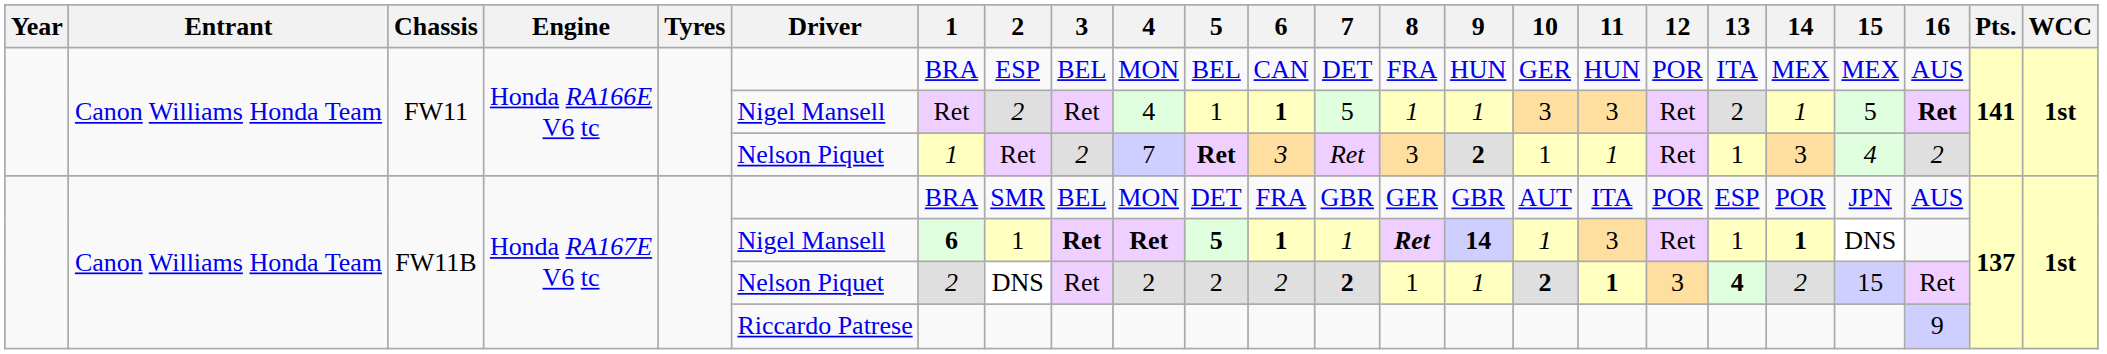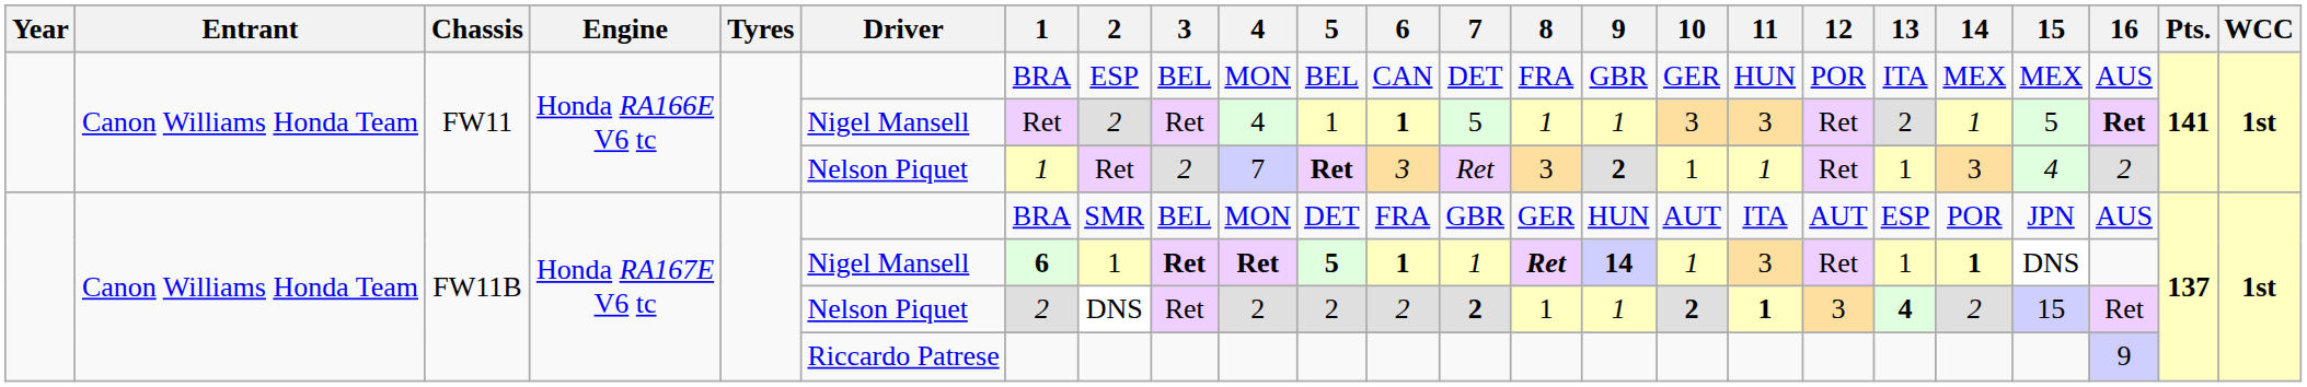 <table class="wikitable" style="text-align:center; font-size:95%">
 <tr>
 <th>Year</th>
 <th>Entrant</th>
 <th>Chassis</th>
 <th>Engine</th>
 <th>Tyres</th>
 <th>Driver</th>
 <th>1</th>
 <th>2</th>
 <th>3</th>
 <th>4</th>
 <th>5</th>
 <th>6</th>
 <th>7</th>
 <th>8</th>
 <th>9</th>
 <th>10</th>
 <th>11</th>
 <th>12</th>
 <th>13</th>
 <th>14</th>
 <th>15</th>
 <th>16</th>
 <th>Pts.</th>
 <th>WCC</th>
 </tr>
 <tr>
 <td rowspan="3"></td>
 <td rowspan="3"><a href='#'>Canon</a> <a href='#'>Williams</a> <a href='#'>Honda Team</a></td>
 <td rowspan="3">FW11</td>
 <td rowspan="3"><a href='#'>Honda</a> <em><a href='#'>RA166E</a></em><br><a href='#'>V6</a> <a href='#'>tc</a></td>
 <td rowspan="3"></td>
 <td></td>
 <td><a href='#'>BRA</a></td>
 <td><a href='#'>ESP</a></td>
 <td><a href='#'>BEL</a></td>
 <td><a href='#'>MON</a></td>
 <td><a href='#'>BEL</a></td>
 <td><a href='#'>CAN</a></td>
 <td><a href='#'>DET</a></td>
 <td><a href='#'>FRA</a></td>
-<td><a href='#'>HUN</a></td>
+<td><a href='#'>GBR</a></td>
 <td><a href='#'>GER</a></td>
 <td><a href='#'>HUN</a></td>
 <td><a href='#'>POR</a></td>
 <td><a href='#'>ITA</a></td>
 <td><a href='#'>MEX</a></td>
 <td><a href='#'>MEX</a></td>
 <td><a href='#'>AUS</a></td>
 <td rowspan="3" style="background:#ffffbf;"><strong>141</strong></td>
 <td rowspan="3" style="background:#ffffbf;"><strong>1st</strong></td>
 </tr>
 <tr>
 <td align="left"><a href='#'>Nigel Mansell</a></td>
 <td style="background:#efcfff;">Ret</td>
 <td style="background:#dfdfdf;"><em>2</em></td>
 <td style="background:#efcfff;">Ret</td>
 <td style="background:#dfffdf;">4</td>
 <td style="background:#ffffbf;">1</td>
 <td style="background:#ffffbf;"><strong>1</strong></td>
 <td style="background:#dfffdf;">5</td>
 <td style="background:#ffffbf;"><em>1</em></td>
 <td style="background:#ffffbf;"><em>1</em></td>
 <td style="background:#ffdf9f;">3</td>
 <td style="background:#ffdf9f;">3</td>
 <td style="background:#efcfff;">Ret</td>
 <td style="background:#dfdfdf;">2</td>
 <td style="background:#ffffbf;"><em>1</em></td>
 <td style="background:#dfffdf;">5</td>
 <td style="background:#efcfff;"><strong>Ret</strong></td>
 </tr>
 <tr>
 <td align="left"><a href='#'>Nelson Piquet</a></td>
 <td style="background:#ffffbf;"><em>1</em></td>
 <td style="background:#efcfff;">Ret</td>
 <td style="background:#dfdfdf;"><em>2</em></td>
 <td style="background:#cfcfff;">7</td>
 <td style="background:#efcfff;"><strong>Ret</strong></td>
 <td style="background:#ffdf9f;"><em>3</em></td>
 <td style="background:#efcfff;"><em>Ret</em></td>
 <td style="background:#ffdf9f;">3</td>
 <td style="background:#dfdfdf;"><strong>2</strong></td>
 <td style="background:#ffffbf;">1</td>
 <td style="background:#ffffbf;"><em>1</em></td>
 <td style="background:#efcfff;">Ret</td>
 <td style="background:#ffffbf;">1</td>
 <td style="background:#ffdf9f;">3</td>
 <td style="background:#dfffdf;"><em>4</em></td>
 <td style="background:#dfdfdf;"><em>2</em></td>
 </tr>
 <tr>
 <td rowspan="4"></td>
 <td rowspan="4"><a href='#'>Canon</a> <a href='#'>Williams</a> <a href='#'>Honda Team</a></td>
 <td rowspan="4">FW11B</td>
 <td rowspan="4"><a href='#'>Honda</a> <em><a href='#'>RA167E</a></em><br><a href='#'>V6</a> <a href='#'>tc</a></td>
 <td rowspan="4"></td>
 <td></td>
 <td><a href='#'>BRA</a></td>
 <td><a href='#'>SMR</a></td>
 <td><a href='#'>BEL</a></td>
 <td><a href='#'>MON</a></td>
 <td><a href='#'>DET</a></td>
 <td><a href='#'>FRA</a></td>
 <td><a href='#'>GBR</a></td>
 <td><a href='#'>GER</a></td>
-<td><a href='#'>GBR</a></td>
+<td><a href='#'>HUN</a></td>
 <td><a href='#'>AUT</a></td>
 <td><a href='#'>ITA</a></td>
-<td><a href='#'>POR</a></td>
+<td><a href='#'>AUT</a></td>
 <td><a href='#'>ESP</a></td>
 <td><a href='#'>POR</a></td>
 <td><a href='#'>JPN</a></td>
 <td><a href='#'>AUS</a></td>
 <td rowspan="4" style="background:#ffffbf;"><strong>137</strong></td>
 <td rowspan="4" style="background:#ffffbf;"><strong>1st</strong></td>
 </tr>
 <tr>
 <td align="left"><a href='#'>Nigel Mansell</a></td>
 <td style="background:#dfffdf;"><strong>6</strong></td>
 <td style="background:#ffffbf;">1</td>
 <td style="background:#efcfff;"><strong>Ret</strong></td>
 <td style="background:#efcfff;"><strong>Ret</strong></td>
 <td style="background:#dfffdf;"><strong>5</strong></td>
 <td style="background:#ffffbf;"><strong>1</strong></td>
 <td style="background:#ffffbf;"><em>1</em></td>
 <td style="background:#efcfff;"><strong><em>Ret</em></strong></td>
 <td style="background:#cfcfff;"><strong>14</strong></td>
 <td style="background:#ffffbf;"><em>1</em></td>
 <td style="background:#ffdf9f;">3</td>
 <td style="background:#efcfff;">Ret</td>
 <td style="background:#ffffbf;">1</td>
 <td style="background:#ffffbf;"><strong>1</strong></td>
 <td style="background:#fff;">DNS</td>
 <td></td>
 </tr>
 <tr>
 <td align="left"><a href='#'>Nelson Piquet</a></td>
 <td style="background:#dfdfdf;"><em>2</em></td>
 <td style="background:#fff;">DNS</td>
 <td style="background:#efcfff;">Ret</td>
 <td style="background:#dfdfdf;">2</td>
 <td style="background:#dfdfdf;">2</td>
 <td style="background:#dfdfdf;"><em>2</em></td>
 <td style="background:#dfdfdf;"><strong>2</strong></td>
 <td style="background:#ffffbf;">1</td>
 <td style="background:#ffffbf;"><em>1</em></td>
 <td style="background:#dfdfdf;"><strong>2</strong></td>
 <td style="background:#ffffbf;"><strong>1</strong></td>
 <td style="background:#ffdf9f;">3</td>
 <td style="background:#dfffdf;"><strong>4</strong></td>
 <td style="background:#dfdfdf;"><em>2</em></td>
 <td style="background:#cfcfff;">15</td>
 <td style="background:#efcfff;">Ret</td>
 </tr>
 <tr>
 <td align="left"><a href='#'>Riccardo Patrese</a></td>
 <td></td>
 <td></td>
 <td></td>
 <td></td>
 <td></td>
 <td></td>
 <td></td>
 <td></td>
 <td></td>
 <td></td>
 <td></td>
 <td></td>
 <td></td>
 <td></td>
 <td></td>
 <td style="background:#cfcfff;">9</td>
 </tr>
 </table>
